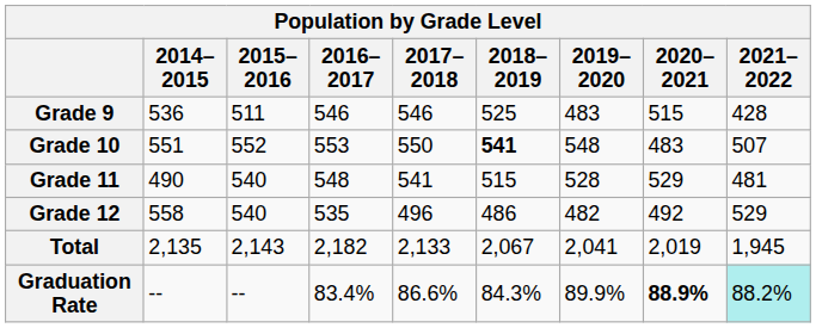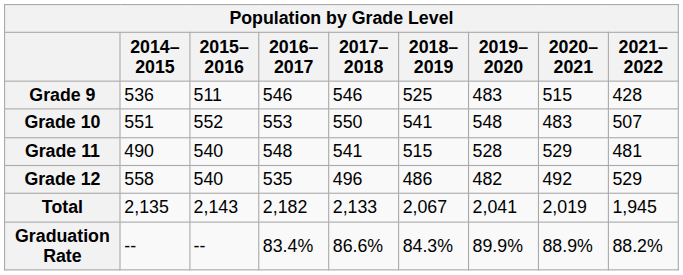 <table class="wikitable">
 <tr>
 <th colspan="9">Population by Grade Level</th>
 </tr>
 <tr>
 <th></th>
 <th>2014–2015</th>
 <th>2015<strong>–2016</strong></th>
 <th>2016–2017</th>
 <th>2017<strong>–2018</strong></th>
 <th>2018<strong>–2019</strong></th>
 <th>2019<strong>–2020</strong></th>
 <th>2020–2021</th>
 <th>2021–2022</th>
 </tr>
 <tr>
 <th>Grade 9</th>
 <td>536</td>
 <td>511</td>
 <td>546</td>
 <td>546</td>
 <td>525</td>
 <td>483</td>
 <td>515</td>
 <td>428</td>
 </tr>
 <tr>
 <th>Grade 10</th>
 <td>551</td>
 <td>552</td>
 <td>553</td>
 <td>550</td>
-<td><strong>541</strong></td>
+<td>541</td>
 <td>548</td>
 <td>483</td>
 <td>507</td>
 </tr>
 <tr>
 <th>Grade 11</th>
 <td>490</td>
 <td>540</td>
 <td>548</td>
 <td>541</td>
 <td>515</td>
 <td>528</td>
 <td>529</td>
 <td>481</td>
 </tr>
 <tr>
 <th>Grade 12</th>
 <td>558</td>
 <td>540</td>
 <td>535</td>
 <td>496</td>
 <td>486</td>
 <td>482</td>
 <td>492</td>
 <td>529</td>
 </tr>
 <tr>
 <th>Total</th>
 <td>2,135</td>
 <td>2,143</td>
 <td>2,182</td>
 <td>2,133</td>
 <td>2,067</td>
 <td>2,041</td>
 <td>2,019</td>
 <td>1,945</td>
 </tr>
 <tr>
 <th>Graduation Rate</th>
 <td>--</td>
 <td>--</td>
 <td>83.4%</td>
 <td>86.6%</td>
 <td>84.3%</td>
 <td>89.9%</td>
-<td><strong>88.9%</strong></td>
-<td style="background: paleturquoise;">88.2%</td>
+<td>88.9%</td>
+<td>88.2%</td>
 </tr>
 </table>
